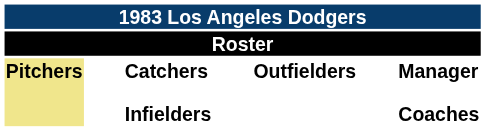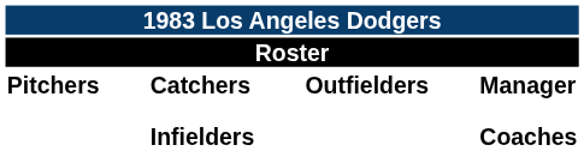 <table class="toccolours" style="font-size: 95%;">
 <tr>
 <th colspan="10" style="background-color: #083c6b; color: white; text-align: center;">1983 Los Angeles Dodgers</th>
 </tr>
 <tr>
 <td colspan="10" style="background-color: black; color: white; text-align: center;"><strong>Roster</strong></td>
 </tr>
 <tr>
-<td valign="top" style="background: khaki;"><strong>Pitchers</strong><br>                           </td>
+<td valign="top"><strong>Pitchers</strong><br>                           </td>
 <td width="25px"></td>
 <td valign="top"><strong>Catchers</strong><br>    <br><strong>Infielders</strong>          </td>
 <td width="25px"></td>
 <td valign="top"><strong>Outfielders</strong><br>        </td>
 <td width="25px"></td>
 <td valign="top"><strong>Manager</strong><br><br><strong>Coaches</strong>     </td>
 </tr>
 </table>
